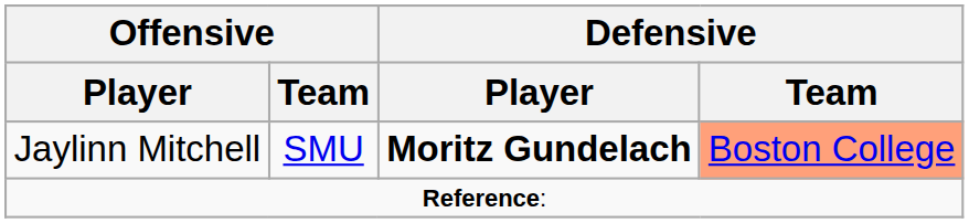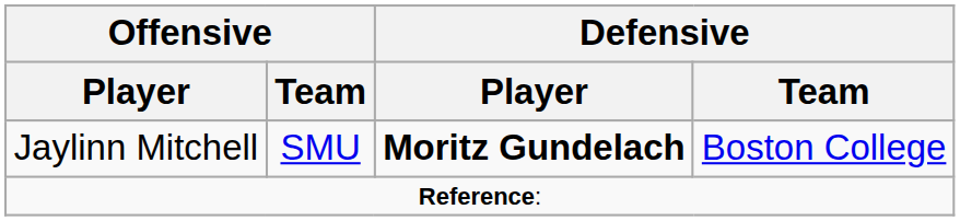 <table class="wikitable" style="text-align: center;">
 <tr>
 <th colspan="2">Offensive</th>
 <th colspan="2">Defensive</th>
 </tr>
 <tr>
 <th>Player</th>
 <th>Team</th>
 <th>Player</th>
 <th>Team</th>
 </tr>
 <tr>
 <td>Jaylinn Mitchell</td>
 <td><a href='#'>SMU</a></td>
 <td><strong>Moritz Gundelach</strong></td>
-<td style="background: lightsalmon;"><a href='#'>Boston College</a></td>
+<td><a href='#'>Boston College</a></td>
 </tr>
 <tr>
 <td colspan="4"  style="font-size:8pt; text-align:center;"><strong>Reference</strong>:</td>
 </tr>
 </table>
